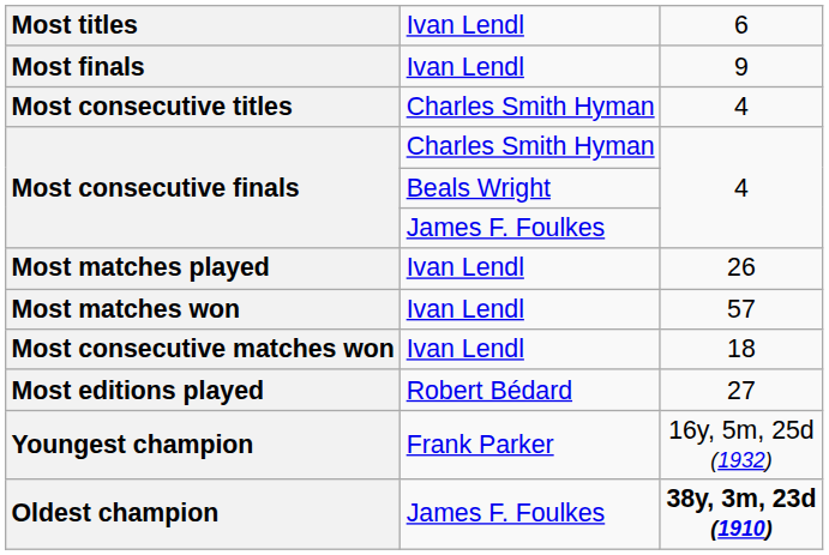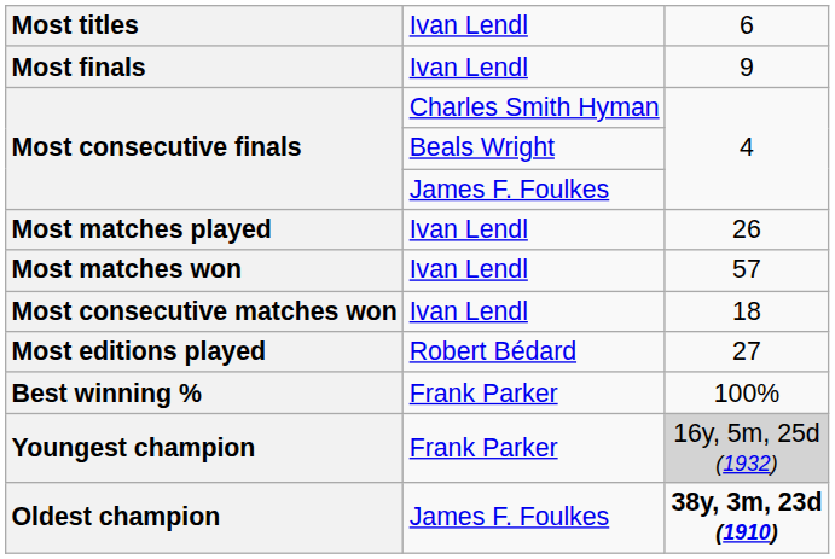 <table class=wikitable>
 <tr>
 <th style="text-align:left;">Most titles</th>
 <td> <a href='#'>Ivan Lendl</a></td>
 <td style="text-align:center;">6</td>
 </tr>
 <tr>
 <th style="text-align:left;">Most finals</th>
 <td> <a href='#'>Ivan Lendl</a></td>
 <td style="text-align:center;">9</td>
-</tr>
-<tr>
-<th style="text-align:left;">Most consecutive titles<br> </th>
-<td> <a href='#'>Charles Smith Hyman</a><br></td>
-<td style="text-align:center;">4</td>
 </tr>
 <tr>
 <th rowspan = 3 style="text-align:left;">Most consecutive finals<br> </th>
 <td> <a href='#'>Charles Smith Hyman</a><br></td>
 <td rowspan = 3 style="text-align:center;">4</td>
 </tr>
 <tr>
 <td> <a href='#'>Beals Wright</a><br></td>
 </tr>
 <tr>
 <td> <a href='#'>James F. Foulkes</a><br></td>
 </tr>
 <tr>
 <th style="text-align:left;">Most matches played</th>
 <td> <a href='#'>Ivan Lendl</a></td>
 <td style="text-align:center;">26</td>
 </tr>
 <tr>
 <th style="text-align:left;">Most matches won</th>
 <td> <a href='#'>Ivan Lendl</a></td>
 <td style="text-align:center;">57</td>
 </tr>
 <tr>
 <th style="text-align:left;">Most consecutive matches won</th>
 <td> <a href='#'>Ivan Lendl</a></td>
 <td style="text-align:center;">18</td>
 </tr>
 <tr>
 <th style="text-align:left;">Most editions played</th>
 <td> <a href='#'>Robert Bédard</a></td>
 <td style="text-align:center;">27</td>
 </tr>
 <tr>
+<th style="text-align:left;">Best winning %</th>
+<td> <a href='#'>Frank Parker</a></td>
+<td style="text-align:center;">100%</td>
+</tr>
+<tr>
 <th style="text-align:left;">Youngest champion</th>
 <td> <a href='#'>Frank Parker</a></td>
-<td style="text-align:center;">16y, 5m, 25d<br><small><em>(<a href='#'>1932</a>)</em></small></td>
+<td style="background: lightgrey; text-align:center;">16y, 5m, 25d<br><small><em>(<a href='#'>1932</a>)</em></small></td>
 </tr>
 <tr>
 <th style="text-align:left;">Oldest champion</th>
 <td> <a href='#'>James F. Foulkes</a></td>
 <td style="text-align:center;"><strong>38y, 3m, 23d<br><small><em>(<a href='#'>1910</a>)</em></small></strong></td>
 </tr>
 </table>
